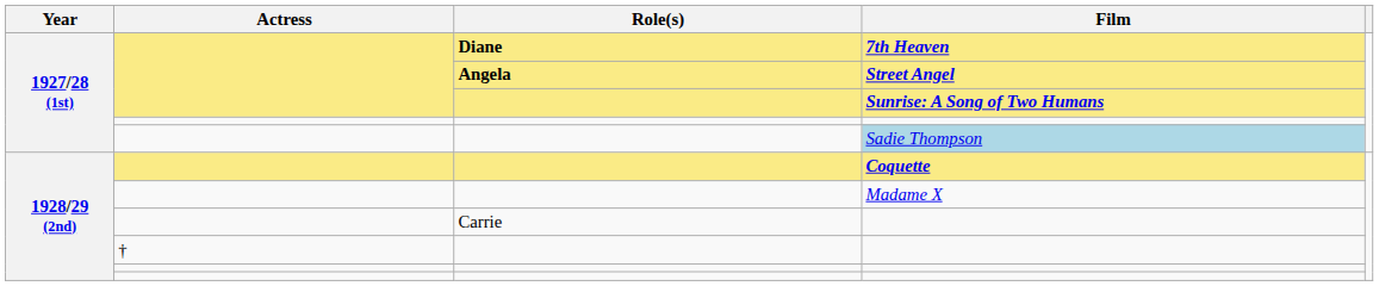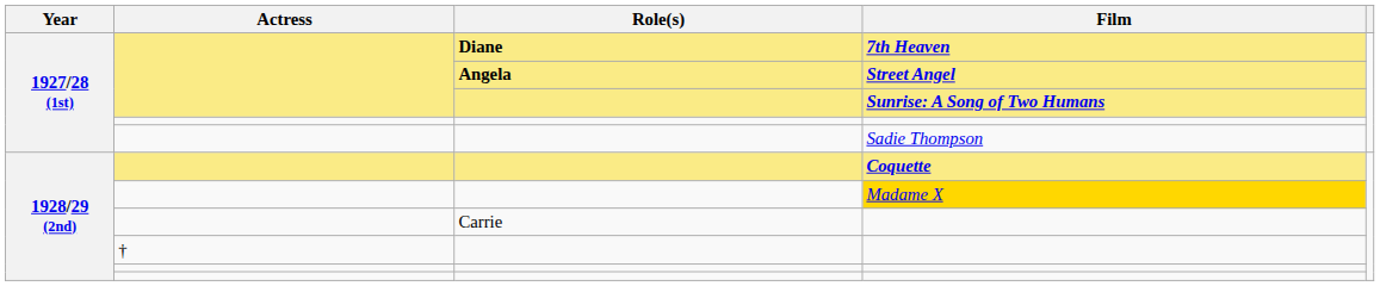 <table class="wikitable sortable">
 <tr>
 <th scope="col" style="width:8%;">Year</th>
 <th scope="col" style="width:25%;">Actress</th>
 <th scope="col" style="width:30%;">Role(s)</th>
 <th scope="col" style="width:70%;">Film</th>
 <th scope="col" style="width:2%;" class="unsortable"></th>
 </tr>
 <tr>
 <th scope="row" rowspan=5 style="text-align:center"><a href='#'>1927</a>/<a href='#'>28</a><br><small><a href='#'>(1st)</a> </small></th>
 <td rowspan=3 style="background:#FAEB86;"><strong> </strong></td>
 <td style="background:#FAEB86;"><strong>Diane</strong></td>
 <td style="background:#FAEB86;"><strong><em><a href='#'>7th Heaven</a></em></strong></td>
 <td rowspan=5></td>
 </tr>
 <tr>
 <td style="background:#FAEB86;"><strong>Angela</strong></td>
 <td style="background:#FAEB86;"><strong><em><a href='#'>Street Angel</a></em></strong></td>
 </tr>
 <tr>
 <td style="background:#FAEB86;"></td>
 <td style="background:#FAEB86;"><strong><em><a href='#'>Sunrise: A Song of Two Humans</a></em></strong></td>
 </tr>
 <tr>
 <td></td>
 <td></td>
 <td></td>
 </tr>
 <tr>
 <td></td>
 <td></td>
-<td style="background: lightblue;"><em><a href='#'>Sadie Thompson</a></em></td>
+<td><em><a href='#'>Sadie Thompson</a></em></td>
 </tr>
 <tr>
 <th scope="row" rowspan=6 style="text-align:center"><a href='#'>1928</a>/<a href='#'>29</a><br><small><a href='#'>(2nd)</a></small><br></th>
 <td style="background:#FAEB86;"><strong> </strong></td>
 <td style="background:#FAEB86;"><strong></strong></td>
 <td style="background:#FAEB86;"><strong><em><a href='#'>Coquette</a></em></strong></td>
 <td rowspan=6></td>
 </tr>
 <tr>
 <td></td>
 <td></td>
-<td><em><a href='#'>Madame X</a></em></td>
+<td style="background: gold;"><em><a href='#'>Madame X</a></em></td>
 </tr>
 <tr>
 <td></td>
 <td>Carrie</td>
 <td></td>
 </tr>
 <tr>
 <td> †</td>
 <td></td>
 <td></td>
 </tr>
 <tr>
 <td></td>
 <td></td>
 <td></td>
 </tr>
 <tr>
 <td></td>
 <td></td>
 <td></td>
 </tr>
 </table>
